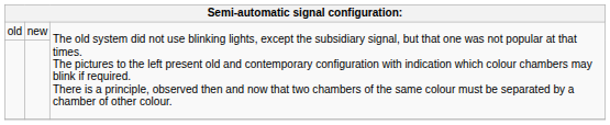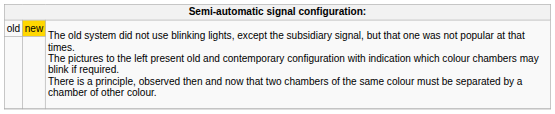 <table class="wikitable">
 <tr>
 <th colspan="3" align="center">Semi-automatic signal configuration:</th>
 </tr>
 <tr -->
 <td align="center">old</td>
-<td align="center">new</td>
+<td align="center" style="background: gold;">new</td>
 <td rowspan="2">The old system did not use blinking lights, except the subsidiary signal, but that one was not popular at that times.<br>The pictures to the left present old and contemporary configuration with indication which colour chambers may blink if required.<br>There is a principle, observed then and now that two chambers of the same colour must be separated by a chamber of other colour.</td>
 </tr>
 <tr -->
 <td valign="bottom"><br><br><br><br><br><br></td>
 <td valign="bottom"><br><br><br><br><br></td>
 </tr>
 <tr -->
 </tr>
 </table>
